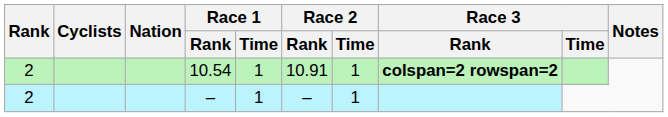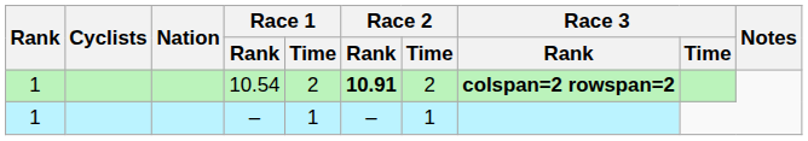 <table class="wikitable sortable" style="text-align:center">
 <tr>
 <th rowspan=2>Rank</th>
 <th rowspan=2>Cyclists</th>
 <th rowspan=2>Nation</th>
 <th colspan=2>Race 1</th>
 <th colspan=2>Race 2</th>
 <th colspan=2>Race 3</th>
 <th rowspan=2>Notes</th>
 </tr>
 <tr>
 <th>Rank</th>
 <th>Time</th>
 <th>Rank</th>
 <th>Time</th>
 <th>Rank</th>
 <th>Time</th>
 </tr>
 <tr bgcolor=bbf3bb>
-<td>2</td>
+<td>1</td>
 <td align=left></td>
 <td align=left></td>
 <td>10.54</td>
-<td>1</td>
-<td>10.91</td>
-<td>1</td>
+<td>2</td>
+<td><strong>10.91</strong></td>
+<td>2</td>
 <td><strong>colspan=2 rowspan=2 </strong></td>
 <td></td>
 </tr>
 <tr bgcolor=bbf3ff>
-<td>2</td>
+<td>1</td>
 <td align=left></td>
 <td align=left></td>
 <td>–</td>
 <td>1</td>
 <td>–</td>
 <td>1</td>
 <td></td>
 </tr>
 </table>
